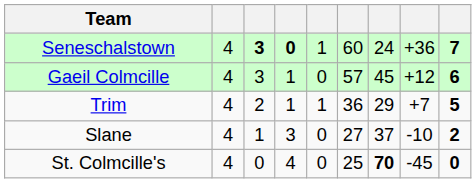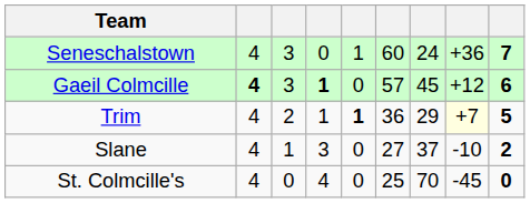 <table class="wikitable" style="text-align:center">
 <tr>
 <th style="width:175px;">Team</th>
 <th width="20"></th>
 <th width="20"></th>
 <th width="20"></th>
 <th width="20"></th>
 <th width="20"></th>
 <th width="20"></th>
 <th width="20"></th>
 <th width="20"></th>
 </tr>
 <tr style="background:#cfc;">
 <td><a href='#'>Seneschalstown</a></td>
 <td>4</td>
-<td><strong>3</strong></td>
-<td><strong>0</strong></td>
+<td>3</td>
+<td>0</td>
 <td>1</td>
 <td>60</td>
 <td>24</td>
 <td>+36</td>
 <td><strong>7</strong></td>
 </tr>
 <tr style="background:#cfc;">
 <td><a href='#'>Gaeil Colmcille</a></td>
-<td>4</td>
+<td><strong>4</strong></td>
 <td>3</td>
-<td>1</td>
+<td><strong>1</strong></td>
 <td>0</td>
 <td>57</td>
 <td>45</td>
 <td>+12</td>
 <td><strong>6</strong></td>
 </tr>
 <tr>
 <td><a href='#'>Trim</a></td>
 <td>4</td>
 <td>2</td>
 <td>1</td>
-<td>1</td>
+<td><strong>1</strong></td>
 <td>36</td>
 <td>29</td>
-<td>+7</td>
+<td style="background: lightyellow;">+7</td>
 <td><strong>5</strong></td>
 </tr>
 <tr>
 <td>Slane</td>
 <td>4</td>
 <td>1</td>
 <td>3</td>
 <td>0</td>
 <td>27</td>
 <td>37</td>
 <td>-10</td>
 <td><strong>2</strong></td>
 </tr>
 <tr>
 <td>St. Colmcille's</td>
 <td>4</td>
 <td>0</td>
 <td>4</td>
 <td>0</td>
 <td>25</td>
-<td><strong>70</strong></td>
+<td>70</td>
 <td>-45</td>
 <td><strong>0</strong></td>
 </tr>
 </table>
